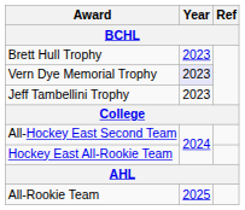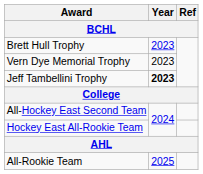 <table class="wikitable">
 <tr>
 <th>Award</th>
 <th>Year</th>
 <th>Ref</th>
 </tr>
 <tr>
 <th colspan="3"><a href='#'>BCHL</a></th>
 </tr>
 <tr>
 <td>Brett Hull Trophy</td>
 <td><a href='#'>2023</a></td>
 <td rowspan="3"></td>
 </tr>
 <tr>
 <td>Vern Dye Memorial Trophy</td>
-<td style="background: lavender;">2023</td>
+<td>2023</td>
 </tr>
 <tr>
 <td>Jeff Tambellini Trophy</td>
-<td>2023</td>
+<td><strong>2023</strong></td>
 </tr>
 <tr>
 <th colspan="3"><a href='#'>College</a></th>
 </tr>
 <tr>
 <td>All-<a href='#'>Hockey East Second Team</a></td>
 <td rowspan="2"><a href='#'>2024</a></td>
 <td></td>
 </tr>
 <tr>
 <td><a href='#'>Hockey East All-Rookie Team</a></td>
 <td></td>
 </tr>
 <tr>
 <th colspan="4"><a href='#'>AHL</a></th>
 </tr>
 <tr>
 <td>All-Rookie Team</td>
 <td><a href='#'>2025</a></td>
 <td></td>
 </tr>
 </table>
